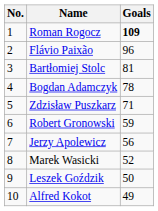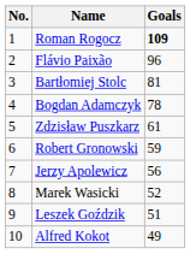 <table class="wikitable" style="display: inline-table;">
 <tr>
 <th>No.</th>
 <th>Name</th>
 <th>Goals</th>
 </tr>
 <tr>
 <td>1</td>
 <td><a href='#'>Roman Rogocz</a></td>
 <td><strong>109</strong></td>
 </tr>
 <tr>
 <td>2</td>
 <td><a href='#'>Flávio Paixão</a></td>
 <td>96</td>
 </tr>
 <tr>
 <td>3</td>
 <td><a href='#'>Bartłomiej Stolc</a></td>
 <td>81</td>
 </tr>
 <tr>
 <td>4</td>
 <td><a href='#'>Bogdan Adamczyk</a></td>
 <td>78</td>
 </tr>
 <tr>
 <td>5</td>
 <td><a href='#'>Zdzisław Puszkarz</a></td>
-<td>71</td>
+<td>61</td>
 </tr>
 <tr>
 <td>6</td>
 <td><a href='#'>Robert Gronowski</a></td>
 <td>59</td>
 </tr>
 <tr>
 <td>7</td>
 <td><a href='#'>Jerzy Apolewicz</a></td>
 <td>56</td>
 </tr>
 <tr>
 <td>8</td>
 <td>Marek Wasicki</td>
 <td>52</td>
 </tr>
 <tr>
 <td>9</td>
 <td><a href='#'>Leszek Goździk</a></td>
-<td>50</td>
+<td>51</td>
 </tr>
 <tr>
 <td>10</td>
 <td><a href='#'>Alfred Kokot</a></td>
 <td>49</td>
 </tr>
 </table>
